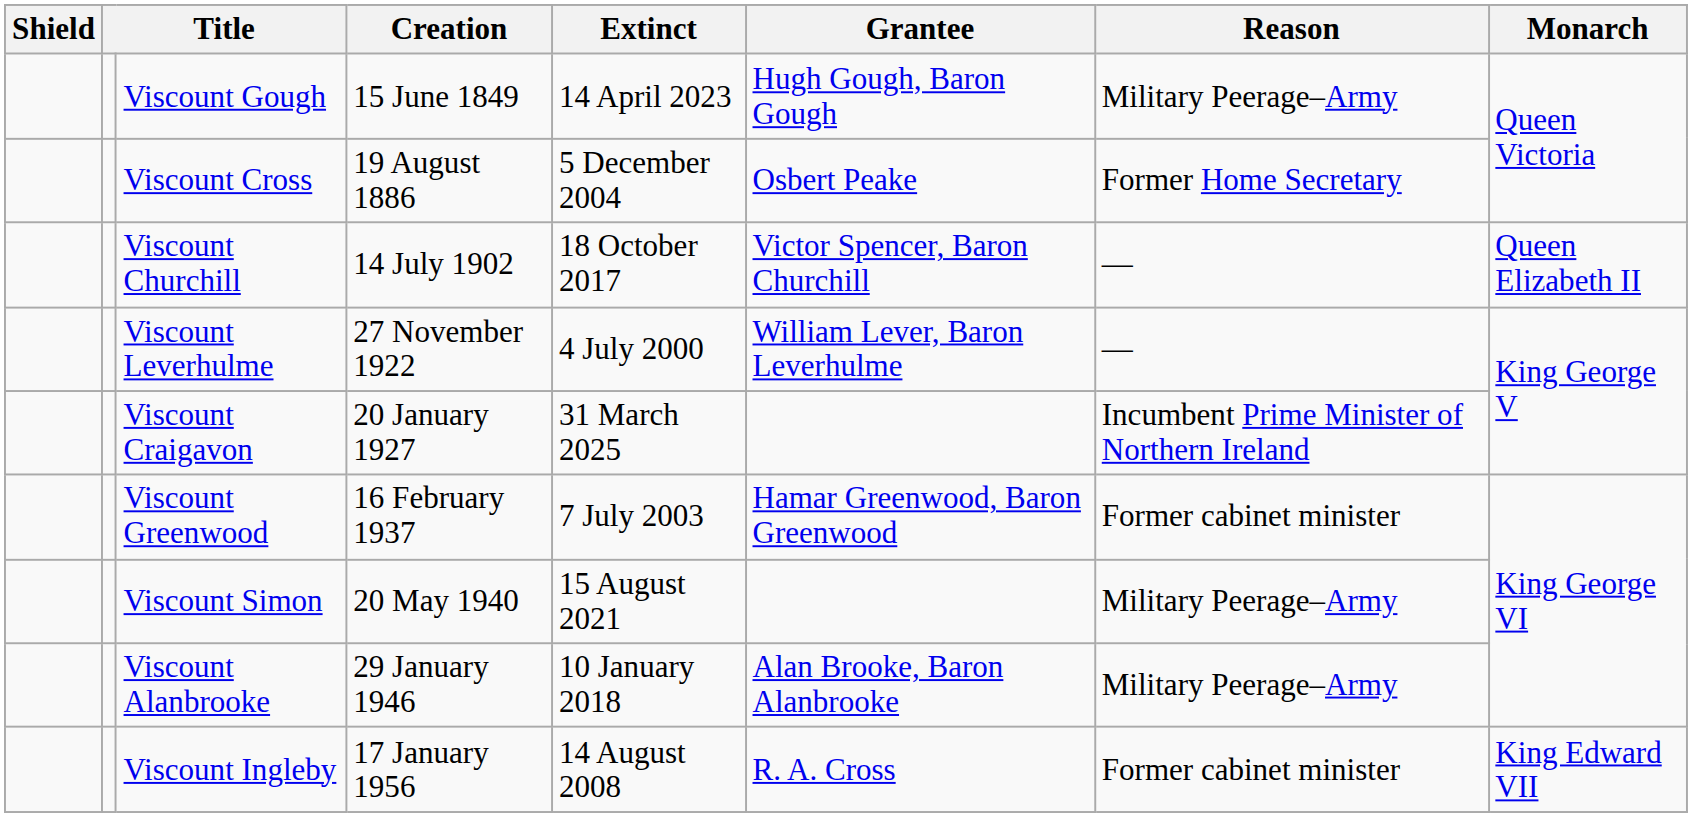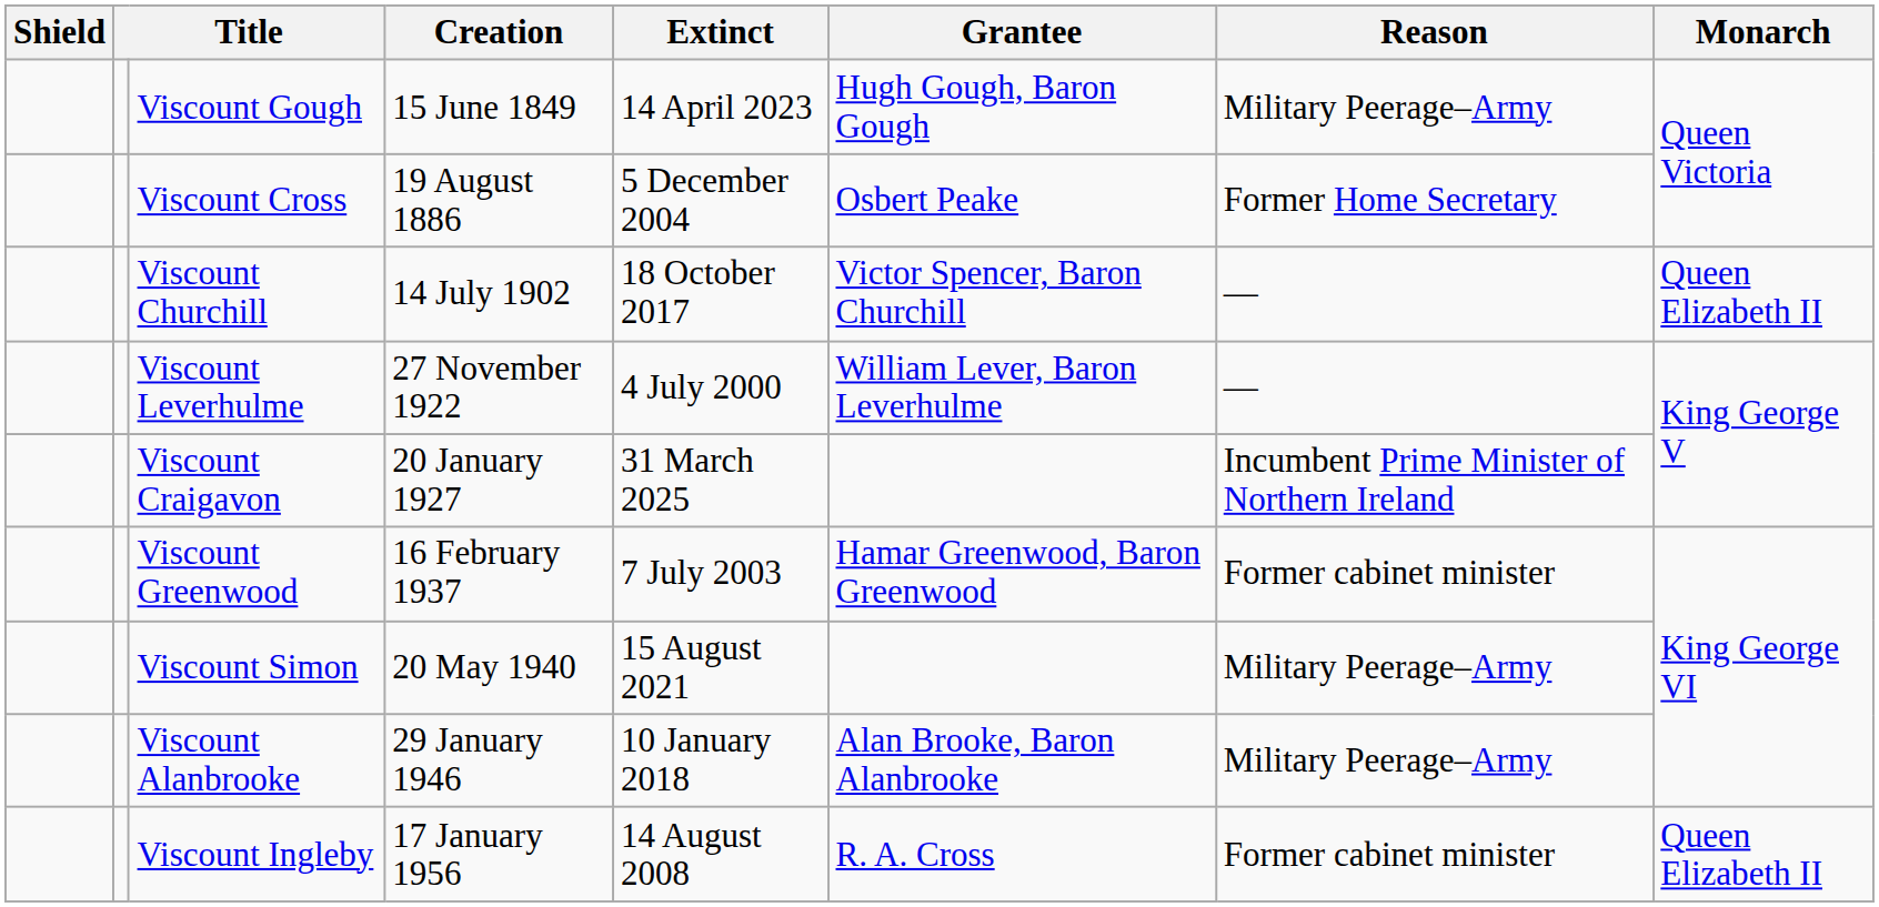 <table class="wikitable sortable">
 <tr>
 <th>Shield</th>
 <th colspan=2>Title</th>
 <th>Creation</th>
 <th>Extinct</th>
 <th>Grantee</th>
 <th>Reason</th>
 <th>Monarch</th>
 </tr>
 <tr>
 <td align=center></td>
 <td style="background-color:"></td>
 <td><a href='#'>Viscount Gough</a></td>
 <td>15 June 1849</td>
 <td>14 April 2023</td>
 <td> <a href='#'>Hugh Gough, Baron Gough</a></td>
 <td>Military Peerage–<a href='#'>Army</a></td>
 <td rowspan=2><a href='#'>Queen Victoria</a></td>
 </tr>
 <tr>
 <td align=center><br></td>
 <td style="background-color:"></td>
 <td><a href='#'>Viscount Cross</a></td>
 <td>19 August 1886</td>
 <td>5 December 2004</td>
 <td><a href='#'>Osbert Peake</a></td>
 <td>Former <a href='#'>Home Secretary</a></td>
 </tr>
 <tr>
 <td align=center><br></td>
 <td style="background-color:"></td>
 <td><a href='#'>Viscount Churchill</a></td>
 <td>14 July 1902</td>
 <td>18 October 2017</td>
 <td> <a href='#'>Victor Spencer, Baron Churchill</a></td>
 <td>—</td>
 <td><a href='#'>Queen Elizabeth II</a></td>
 </tr>
 <tr>
 <td align=center><br></td>
 <td style="background-color:"></td>
 <td><a href='#'>Viscount Leverhulme</a></td>
 <td>27 November 1922</td>
 <td>4 July 2000</td>
 <td> <a href='#'>William Lever, Baron Leverhulme</a></td>
 <td>—</td>
 <td rowspan=2><a href='#'>King George V</a></td>
 </tr>
 <tr>
 <td align=center></td>
 <td style="background-color:"></td>
 <td><a href='#'>Viscount Craigavon</a></td>
 <td>20 January 1927</td>
 <td>31 March 2025</td>
 <td></td>
 <td>Incumbent <a href='#'>Prime Minister of Northern Ireland</a></td>
 </tr>
 <tr>
 <td align=center><br></td>
 <td style="background-color:"></td>
 <td><a href='#'>Viscount Greenwood</a></td>
 <td>16 February 1937</td>
 <td>7 July 2003</td>
 <td> <a href='#'>Hamar Greenwood, Baron Greenwood</a></td>
 <td>Former cabinet minister</td>
 <td rowspan=3><a href='#'>King George VI</a></td>
 </tr>
 <tr>
 <td align=center></td>
 <td style="background-color:"></td>
 <td><a href='#'>Viscount Simon</a></td>
 <td>20 May 1940</td>
 <td>15 August 2021</td>
 <td></td>
 <td>Military Peerage–<a href='#'>Army</a></td>
 </tr>
 <tr>
 <td align=center><br></td>
 <td style="background-color:"></td>
 <td><a href='#'>Viscount Alanbrooke</a></td>
 <td>29 January 1946</td>
 <td>10 January 2018</td>
 <td> <a href='#'>Alan Brooke, Baron Alanbrooke</a></td>
 <td>Military Peerage–<a href='#'>Army</a></td>
 </tr>
 <tr>
 <td align=center><br></td>
 <td style="background-color:"></td>
 <td><a href='#'>Viscount Ingleby</a></td>
 <td>17 January 1956</td>
 <td>14 August 2008</td>
 <td><a href='#'>R. A. Cross</a></td>
 <td>Former cabinet minister</td>
-<td><a href='#'>King Edward VII</a></td>
+<td><a href='#'>Queen Elizabeth II</a></td>
 </tr>
 </table>
